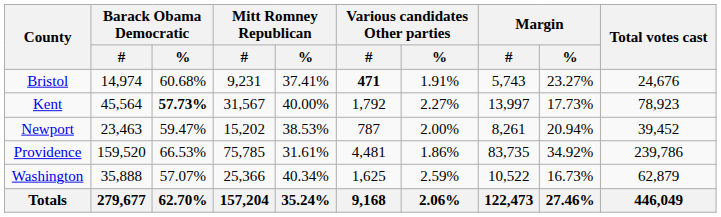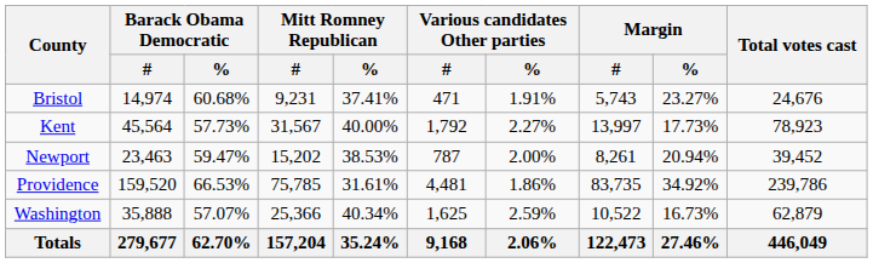 <table width="60%"  class="wikitable sortable" style="text-align:center">
 <tr>
 <th style="text-align:center;" rowspan="2">County</th>
 <th style="text-align:center;" colspan="2">Barack Obama<br>Democratic</th>
 <th style="text-align:center;" colspan="2">Mitt Romney<br>Republican</th>
 <th style="text-align:center;" colspan="2">Various candidates<br>Other parties</th>
 <th style="text-align:center;" colspan="2">Margin</th>
 <th style="text-align:center;" rowspan="2">Total votes cast</th>
 </tr>
 <tr>
 <th style="text-align:center;" data-sort-type="number">#</th>
 <th style="text-align:center;" data-sort-type="number">%</th>
 <th style="text-align:center;" data-sort-type="number">#</th>
 <th style="text-align:center;" data-sort-type="number">%</th>
 <th style="text-align:center;" data-sort-type="number">#</th>
 <th style="text-align:center;" data-sort-type="number">%</th>
 <th style="text-align:center;" data-sort-type="number">#</th>
 <th style="text-align:center;" data-sort-type="number">%</th>
 </tr>
 <tr style="text-align:center;">
 <td><a href='#'>Bristol</a></td>
 <td>14,974</td>
 <td>60.68%</td>
 <td>9,231</td>
 <td>37.41%</td>
-<td><strong>471</strong></td>
+<td>471</td>
 <td>1.91%</td>
 <td>5,743</td>
 <td>23.27%</td>
 <td>24,676</td>
 </tr>
 <tr style="text-align:center;">
 <td><a href='#'>Kent</a></td>
 <td>45,564</td>
-<td><strong>57.73%</strong></td>
+<td>57.73%</td>
 <td>31,567</td>
 <td>40.00%</td>
 <td>1,792</td>
 <td>2.27%</td>
 <td>13,997</td>
 <td>17.73%</td>
 <td>78,923</td>
 </tr>
 <tr style="text-align:center;">
 <td><a href='#'>Newport</a></td>
 <td>23,463</td>
 <td>59.47%</td>
 <td>15,202</td>
 <td>38.53%</td>
 <td>787</td>
 <td>2.00%</td>
 <td>8,261</td>
 <td>20.94%</td>
 <td>39,452</td>
 </tr>
 <tr style="text-align:center;">
 <td><a href='#'>Providence</a></td>
 <td>159,520</td>
 <td>66.53%</td>
 <td>75,785</td>
 <td>31.61%</td>
 <td>4,481</td>
 <td>1.86%</td>
 <td>83,735</td>
 <td>34.92%</td>
 <td>239,786</td>
 </tr>
 <tr style="text-align:center;">
 <td><a href='#'>Washington</a></td>
 <td>35,888</td>
 <td>57.07%</td>
 <td>25,366</td>
 <td>40.34%</td>
 <td>1,625</td>
 <td>2.59%</td>
 <td>10,522</td>
 <td>16.73%</td>
 <td>62,879</td>
 </tr>
 <tr>
 <th>Totals</th>
 <th>279,677</th>
 <th>62.70%</th>
 <th>157,204</th>
 <th>35.24%</th>
 <th>9,168</th>
 <th>2.06%</th>
 <th>122,473</th>
 <th>27.46%</th>
 <th>446,049</th>
 </tr>
 </table>
